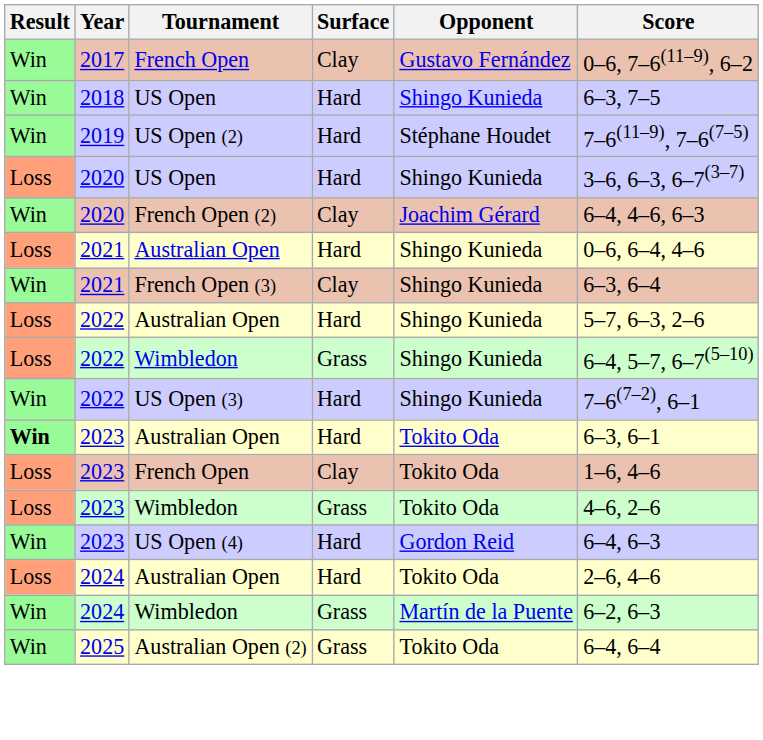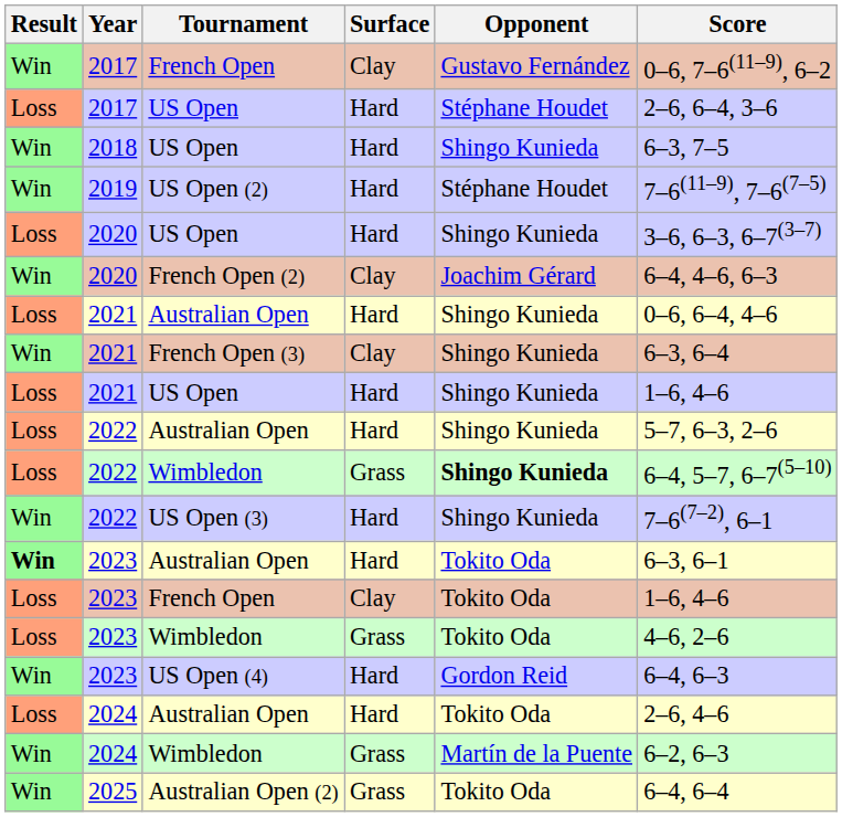 <table class="sortable wikitable">
 <tr>
 <th>Result</th>
 <th>Year</th>
 <th>Tournament</th>
 <th>Surface</th>
 <th>Opponent</th>
 <th class="unsortable">Score</th>
 </tr>
 <tr style="background:#ebc2af;">
 <td bgcolor=98FB98>Win</td>
 <td><a href='#'>2017</a></td>
 <td><a href='#'>French Open</a></td>
 <td>Clay</td>
 <td> <a href='#'>Gustavo Fernández</a></td>
 <td>0–6, 7–6<sup>(11–9)</sup>, 6–2</td>
+</tr>
+<tr bgcolor=CCCCFF>
+<td style="background:#FFA07A;">Loss</td>
+<td><a href='#'>2017</a></td>
+<td><a href='#'>US Open</a></td>
+<td>Hard</td>
+<td> <a href='#'>Stéphane Houdet</a></td>
+<td>2–6, 6–4, 3–6</td>
 </tr>
 <tr bgcolor=CCCCFF>
 <td bgcolor=98FB98>Win</td>
 <td><a href='#'>2018</a></td>
 <td>US Open</td>
 <td>Hard</td>
 <td> <a href='#'>Shingo Kunieda</a></td>
 <td>6–3, 7–5</td>
 </tr>
 <tr bgcolor=CCCCFF>
 <td bgcolor=98FB98>Win</td>
 <td><a href='#'>2019</a></td>
 <td>US Open <small>(2)</small></td>
 <td>Hard</td>
 <td> Stéphane Houdet</td>
 <td>7–6<sup>(11–9)</sup>, 7–6<sup>(7–5)</sup></td>
 </tr>
 <tr bgcolor=CCCCFF>
 <td style="background:#FFA07A;">Loss</td>
 <td><a href='#'>2020</a></td>
 <td>US Open</td>
 <td>Hard</td>
 <td> Shingo Kunieda</td>
 <td>3–6, 6–3, 6–7<sup>(3–7)</sup></td>
 </tr>
 <tr style="background:#ebc2af;">
 <td bgcolor=98FB98>Win</td>
 <td><a href='#'>2020</a></td>
 <td>French Open <small>(2)</small></td>
 <td>Clay</td>
 <td> <a href='#'>Joachim Gérard</a></td>
 <td>6–4, 4–6, 6–3</td>
 </tr>
 <tr style="background:#ffc;">
 <td style="background:#FFA07A;">Loss</td>
 <td><a href='#'>2021</a></td>
 <td><a href='#'>Australian Open</a></td>
 <td>Hard</td>
 <td> Shingo Kunieda</td>
 <td>0–6, 6–4, 4–6</td>
 </tr>
 <tr style="background:#ebc2af;">
 <td bgcolor=98FB98>Win</td>
 <td><a href='#'>2021</a></td>
 <td>French Open <small>(3)</small></td>
 <td>Clay</td>
 <td> Shingo Kunieda</td>
 <td>6–3, 6–4</td>
 </tr>
+<tr bgcolor=CCCCFF>
+<td style="background:#FFA07A;">Loss</td>
+<td><a href='#'>2021</a></td>
+<td>US Open</td>
+<td>Hard</td>
+<td> Shingo Kunieda</td>
+<td>1–6, 4–6</td>
+</tr>
 <tr style="background:#ffc;">
 <td style="background:#FFA07A;">Loss</td>
 <td><a href='#'>2022</a></td>
 <td>Australian Open</td>
 <td>Hard</td>
 <td> Shingo Kunieda</td>
 <td>5–7, 6–3, 2–6</td>
 </tr>
 <tr style="background:#cfc;">
 <td style="background:#FFA07A;">Loss</td>
 <td><a href='#'>2022</a></td>
 <td><a href='#'>Wimbledon</a></td>
 <td>Grass</td>
-<td> Shingo Kunieda</td>
+<td><strong> Shingo Kunieda</strong></td>
 <td>6–4, 5–7, 6–7<sup>(5–10)</sup></td>
 </tr>
 <tr bgcolor=CCCCFF>
 <td bgcolor=98FB98>Win</td>
 <td><a href='#'>2022</a></td>
 <td>US Open <small>(3)</small></td>
 <td>Hard</td>
 <td> Shingo Kunieda</td>
 <td>7–6<sup>(7–2)</sup>, 6–1</td>
 </tr>
 <tr style="background:#ffc;">
 <td bgcolor=98FB98><strong>Win</strong></td>
 <td><a href='#'>2023</a></td>
 <td>Australian Open</td>
 <td>Hard</td>
 <td> <a href='#'>Tokito Oda</a></td>
 <td>6–3, 6–1</td>
 </tr>
 <tr style="background:#ebc2af;">
 <td bgcolor=ffa07a>Loss</td>
 <td><a href='#'>2023</a></td>
 <td>French Open</td>
 <td>Clay</td>
 <td> Tokito Oda</td>
 <td>1–6, 4–6</td>
 </tr>
 <tr style="background:#cfc;">
 <td bgcolor=ffa07a>Loss</td>
 <td><a href='#'>2023</a></td>
 <td>Wimbledon</td>
 <td>Grass</td>
 <td> Tokito Oda</td>
 <td>4–6, 2–6</td>
 </tr>
 <tr bgcolor=CCCCFF>
 <td bgcolor=98FB98>Win</td>
 <td><a href='#'>2023</a></td>
 <td>US Open <small>(4)</small></td>
 <td>Hard</td>
 <td> <a href='#'>Gordon Reid</a></td>
 <td>6–4, 6–3</td>
 </tr>
 <tr style="background:#ffc;">
 <td bgcolor=ffa07a>Loss</td>
 <td><a href='#'>2024</a></td>
 <td>Australian Open</td>
 <td>Hard</td>
 <td> Tokito Oda</td>
 <td>2–6, 4–6</td>
 </tr>
 <tr style="background:#cfc;">
 <td bgcolor=98FB98>Win</td>
 <td><a href='#'>2024</a></td>
 <td>Wimbledon</td>
 <td>Grass</td>
 <td> <a href='#'>Martín de la Puente</a></td>
 <td>6–2, 6–3</td>
 </tr>
 <tr style="background:#ffc;">
 <td bgcolor=98FB98>Win</td>
 <td><a href='#'>2025</a></td>
 <td>Australian Open <small>(2)</small></td>
 <td>Grass</td>
 <td> Tokito Oda</td>
 <td>6–4, 6–4</td>
 </tr>
 </table>
